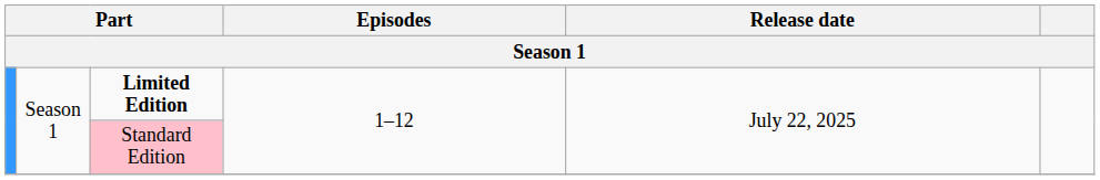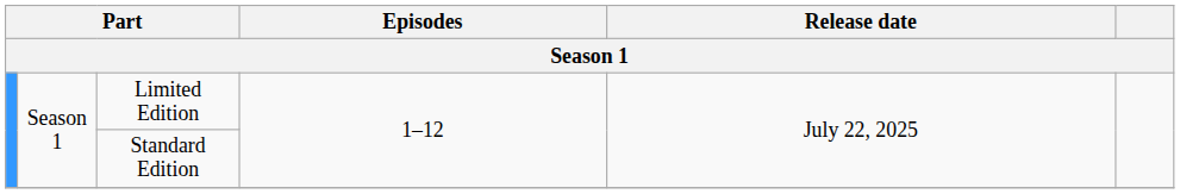 <table class="wikitable" style="text-align:center; width: 70%;">
 <tr>
 <th colspan="3" width="20%">Part</th>
 <th>Episodes</th>
 <th>Release date</th>
 <th width="5%"></th>
 </tr>
 <tr>
 <th colspan="7">Season 1</th>
 </tr>
 <tr>
 <td rowspan="2" width="1%" style="background: #3198FF"></td>
 <td rowspan="2">Season 1</td>
-<td><strong>Limited Edition</strong></td>
+<td>Limited Edition</td>
 <td rowspan="2">1–12</td>
 <td rowspan="2">July 22, 2025</td>
 <td rowspan="2"></td>
 </tr>
 <tr>
-<td style="background: pink;">Standard Edition</td>
+<td>Standard Edition</td>
 </tr>
 <tr>
 </tr>
 </table>
